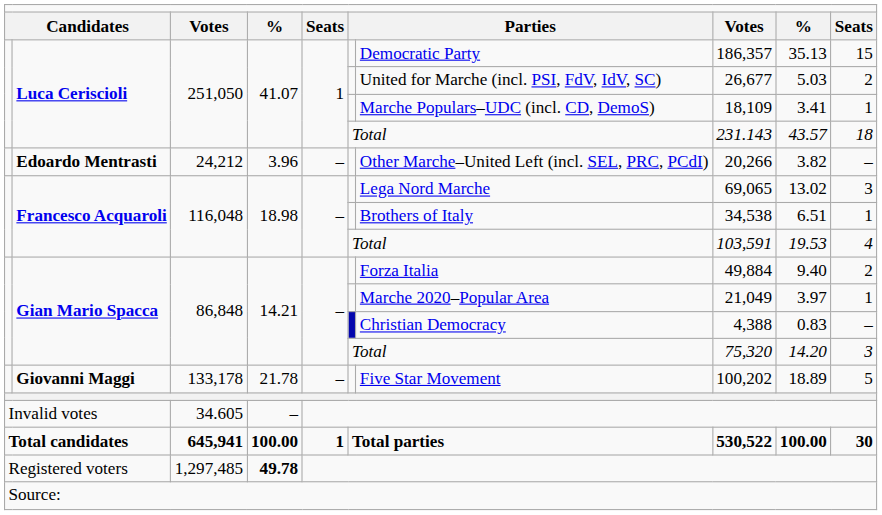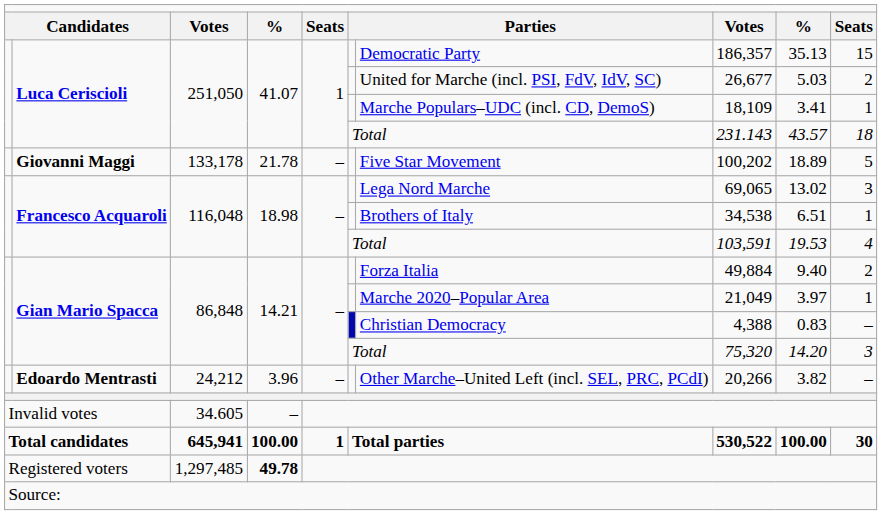 <table class="wikitable">
 <tr>
 <td colspan="10"></td>
 </tr>
 <tr>
 <th colspan="2">Candidates</th>
 <th><strong>Votes</strong></th>
 <th><strong>%</strong></th>
 <th>Seats</th>
 <th colspan="2">Parties</th>
 <th><strong>Votes</strong></th>
 <th><strong>%</strong></th>
 <th>Seats</th>
 </tr>
 <tr>
 <td rowspan="4"></td>
 <td rowspan="4"><strong><a href='#'>Luca Ceriscioli</a></strong></td>
 <td rowspan="4" align="right">251,050</td>
 <td rowspan="4" align="right">41.07</td>
 <td rowspan="4" align="right">1</td>
 <td></td>
 <td><a href='#'>Democratic Party</a></td>
 <td align="right">186,357</td>
 <td align="right">35.13</td>
 <td align="right">15</td>
 </tr>
 <tr>
 <td></td>
 <td>United for Marche (incl. <a href='#'>PSI</a>, <a href='#'>FdV</a>, <a href='#'>IdV</a>, <a href='#'>SC</a>)</td>
 <td align="right">26,677</td>
 <td align="right">5.03</td>
 <td align="right">2</td>
 </tr>
 <tr>
 <td></td>
 <td><a href='#'>Marche Populars</a>–<a href='#'>UDC</a> (incl. <a href='#'>CD</a>, <a href='#'>DemoS</a>)</td>
 <td align="right">18,109</td>
 <td align="right">3.41</td>
 <td align="right">1</td>
 </tr>
 <tr>
 <td colspan="2"><em>Total</em></td>
 <td align="right"><em>231.143</em></td>
 <td align="right"><em>43.57</em></td>
 <td align="right"><em>18</em></td>
 </tr>
 <tr>
 <td></td>
-<td><strong>Edoardo Mentrasti</strong></td>
-<td align="right">24,212</td>
-<td align="right">3.96</td>
+<td><strong>Giovanni Maggi</strong></td>
+<td align="right">133,178</td>
+<td align="right">21.78</td>
 <td align="right">–</td>
 <td></td>
-<td><a href='#'>Other Marche</a>–United Left (incl. <a href='#'>SEL</a>, <a href='#'>PRC</a>, <a href='#'>PCdI</a>)</td>
-<td align="right">20,266</td>
-<td align="right">3.82</td>
-<td align="right">–</td>
+<td><a href='#'>Five Star Movement</a></td>
+<td align="right">100,202</td>
+<td align="right">18.89</td>
+<td align="right">5</td>
 </tr>
 <tr>
 <td rowspan="3"></td>
 <td rowspan="3"><strong><a href='#'>Francesco Acquaroli</a></strong></td>
 <td rowspan="3" align="right">116,048</td>
 <td rowspan="3" align="right">18.98</td>
 <td rowspan="3" align="right">–</td>
 <td></td>
 <td><a href='#'>Lega Nord Marche</a></td>
 <td align="right">69,065</td>
 <td align="right">13.02</td>
 <td align="right">3</td>
 </tr>
 <tr>
 <td></td>
 <td><a href='#'>Brothers of Italy</a></td>
 <td align="right">34,538</td>
 <td align="right">6.51</td>
 <td align="right">1</td>
 </tr>
 <tr>
 <td colspan="2"><em>Total</em></td>
 <td align="right"><em>103,591</em></td>
 <td align="right"><em>19.53</em></td>
 <td align="right"><em>4</em></td>
 </tr>
 <tr>
 <td rowspan="4"></td>
 <td rowspan="4"><strong><a href='#'>Gian Mario Spacca</a></strong></td>
 <td rowspan="4" align="right">86,848</td>
 <td rowspan="4" align="right">14.21</td>
 <td rowspan="4" align="right">–</td>
 <td></td>
 <td><a href='#'>Forza Italia</a></td>
 <td align="right">49,884</td>
 <td align="right">9.40</td>
 <td align="right">2</td>
 </tr>
 <tr>
 <td></td>
 <td><a href='#'>Marche 2020</a>–<a href='#'>Popular Area</a></td>
 <td align="right">21,049</td>
 <td align="right">3.97</td>
 <td align="right">1</td>
 </tr>
 <tr>
 <td bgcolor="#0406AE"></td>
 <td><a href='#'>Christian Democracy</a></td>
 <td align="right">4,388</td>
 <td align="right">0.83</td>
 <td align="right">–</td>
 </tr>
 <tr>
 <td colspan="2"><em>Total</em></td>
 <td align="right"><em>75,320</em></td>
 <td align="right"><em>14.20</em></td>
 <td align="right"><em>3</em></td>
 </tr>
 <tr>
 <td></td>
-<td><strong>Giovanni Maggi</strong></td>
-<td align="right">133,178</td>
-<td align="right">21.78</td>
+<td><strong>Edoardo Mentrasti</strong></td>
+<td align="right">24,212</td>
+<td align="right">3.96</td>
 <td align="right">–</td>
 <td></td>
-<td><a href='#'>Five Star Movement</a></td>
-<td align="right">100,202</td>
-<td align="right">18.89</td>
-<td align="right">5</td>
+<td><a href='#'>Other Marche</a>–United Left (incl. <a href='#'>SEL</a>, <a href='#'>PRC</a>, <a href='#'>PCdI</a>)</td>
+<td align="right">20,266</td>
+<td align="right">3.82</td>
+<td align="right">–</td>
 </tr>
 <tr>
 <th colspan="10"></th>
 </tr>
 <tr>
 <td colspan="2">Invalid votes</td>
 <td align="right">34.605</td>
 <td align="right">–</td>
 <td colspan="6"></td>
 </tr>
 <tr>
 <td colspan="2"><strong>Total candidates</strong></td>
 <td align="right"><strong>645,941</strong></td>
 <td align="right"><strong>100.00</strong></td>
 <td align="right"><strong>1</strong></td>
 <td colspan="2"><strong>Total parties</strong></td>
 <td align="right"><strong>530,522</strong></td>
 <td align="right"><strong>100.00</strong></td>
 <td align="right"><strong>30</strong></td>
 </tr>
 <tr>
 <td colspan="2">Registered voters</td>
 <td align="right">1,297,485</td>
 <td align="right"><strong>49.78</strong></td>
 <td colspan="6"></td>
 </tr>
 <tr>
 <td colspan="10">Source: </td>
 </tr>
 </table>
